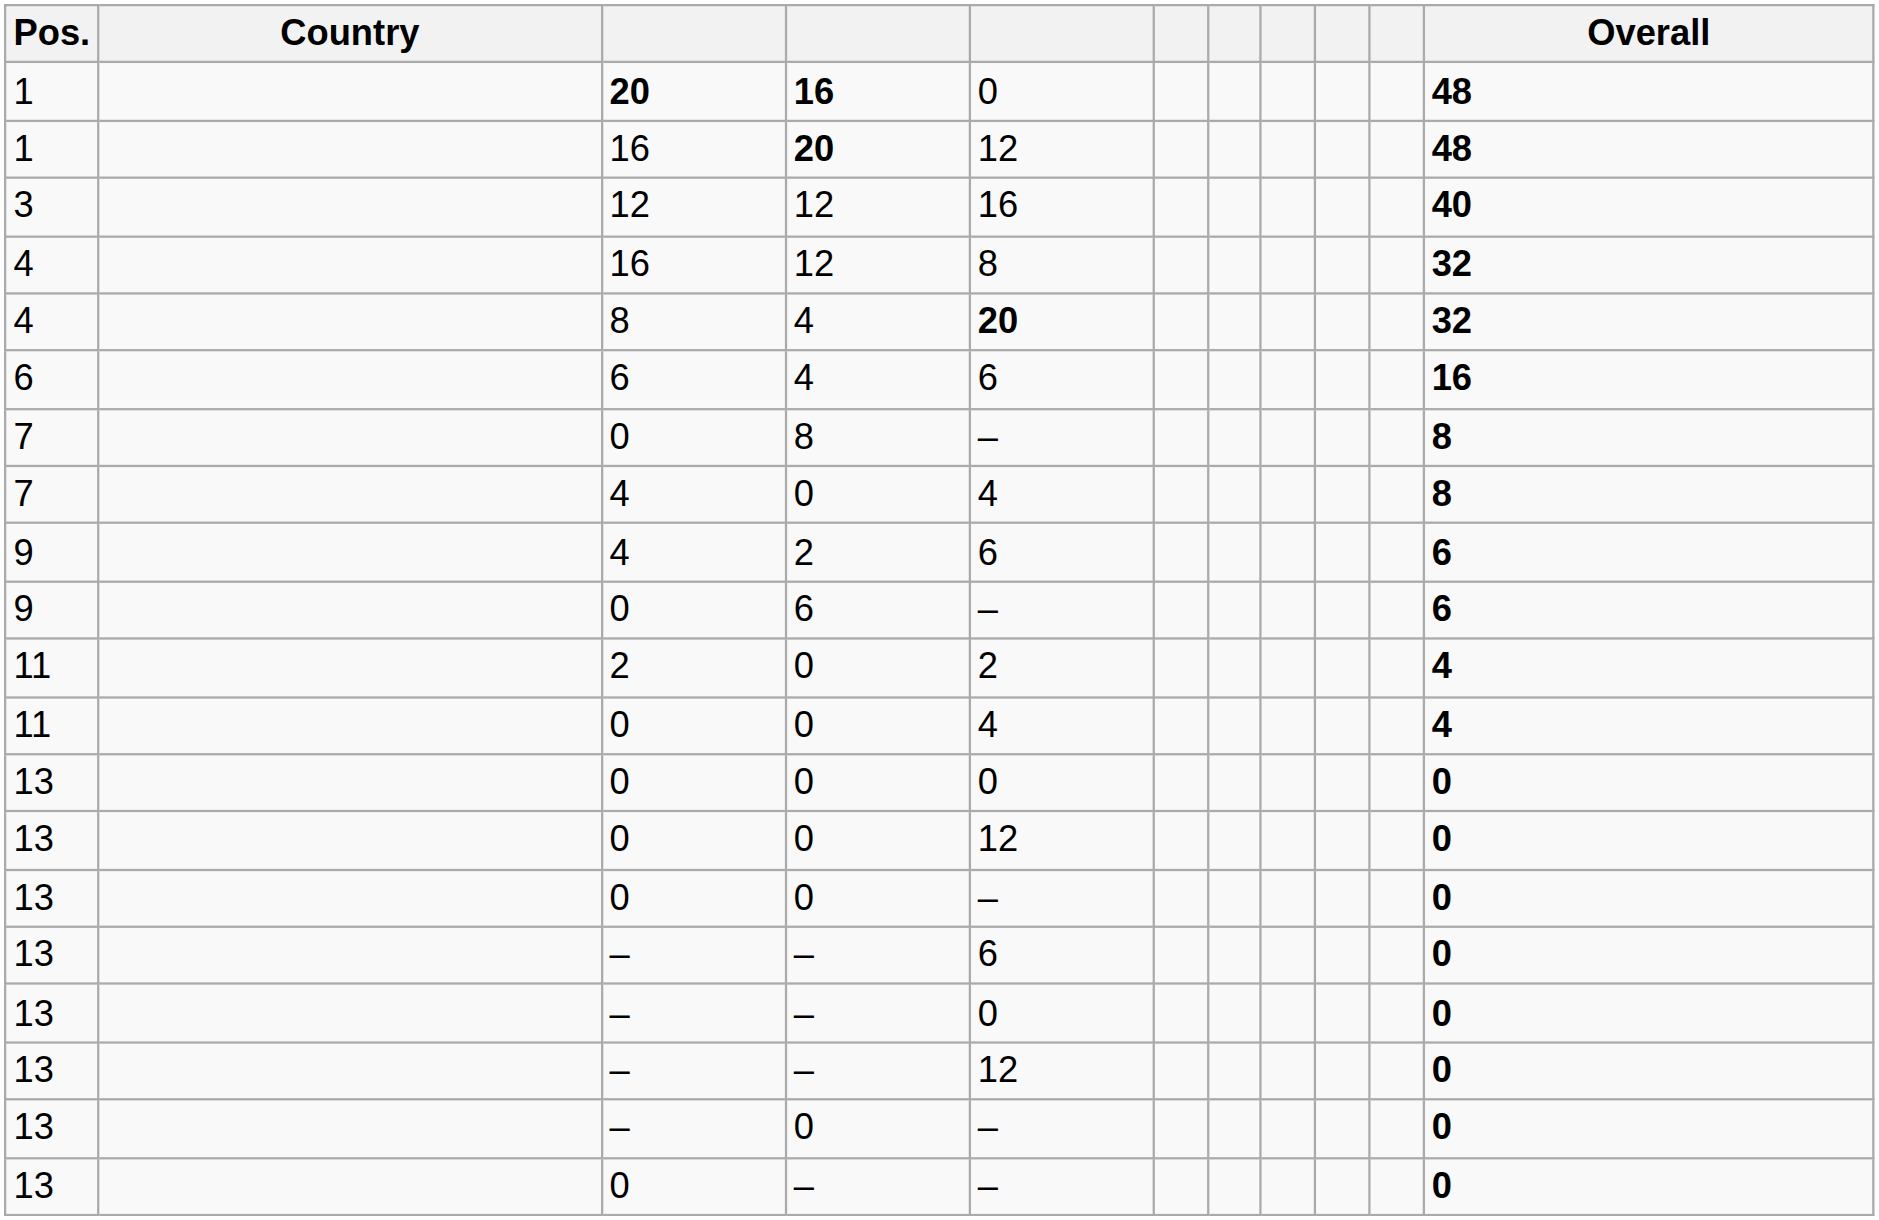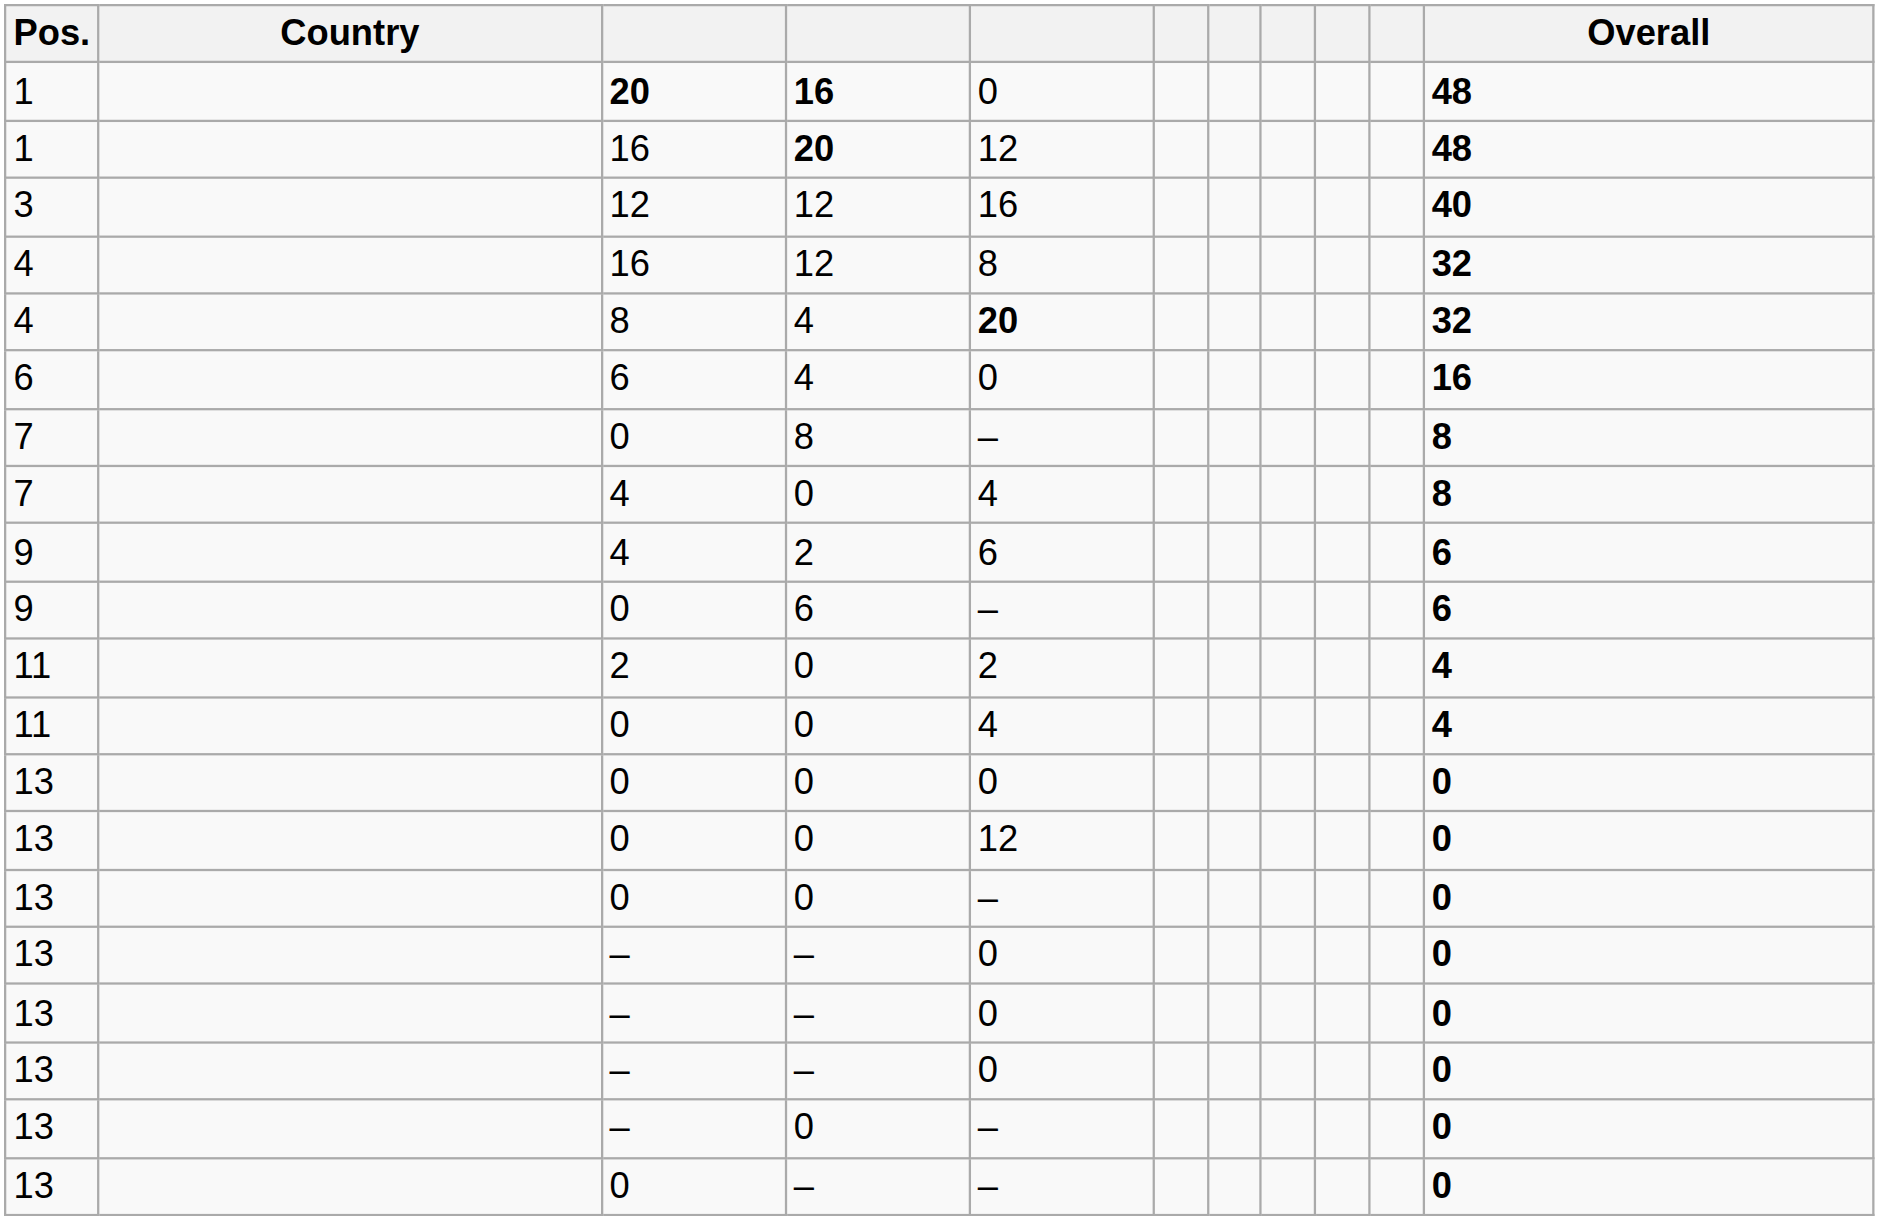 <table class="wikitable">
 <tr>
 <th width=5%>Pos.</th>
 <th>Country</th>
 <th></th>
 <th></th>
 <th></th>
 <th></th>
 <th></th>
 <th></th>
 <th></th>
 <th></th>
 <th>Overall</th>
 </tr>
 <tr>
 <td>1</td>
 <td></td>
 <td><strong>20</strong></td>
 <td><strong>16</strong></td>
 <td>0</td>
 <td></td>
 <td></td>
 <td></td>
 <td></td>
 <td></td>
 <td><strong>48</strong></td>
 </tr>
 <tr>
 <td>1</td>
 <td></td>
 <td>16</td>
 <td><strong>20</strong></td>
 <td>12</td>
 <td></td>
 <td></td>
 <td></td>
 <td></td>
 <td></td>
 <td><strong>48</strong></td>
 </tr>
 <tr>
 <td>3</td>
 <td></td>
 <td>12</td>
 <td>12</td>
 <td>16</td>
 <td></td>
 <td></td>
 <td></td>
 <td></td>
 <td></td>
 <td><strong>40</strong></td>
 </tr>
 <tr>
 <td>4</td>
 <td></td>
 <td>16</td>
 <td>12</td>
 <td>8</td>
 <td></td>
 <td></td>
 <td></td>
 <td></td>
 <td></td>
 <td><strong>32</strong></td>
 </tr>
 <tr>
 <td>4</td>
 <td></td>
 <td>8</td>
 <td>4</td>
 <td><strong>20</strong></td>
 <td></td>
 <td></td>
 <td></td>
 <td></td>
 <td></td>
 <td><strong>32</strong></td>
 </tr>
 <tr>
 <td>6</td>
 <td></td>
 <td>6</td>
 <td>4</td>
-<td>6</td>
+<td>0</td>
 <td></td>
 <td></td>
 <td></td>
 <td></td>
 <td></td>
 <td><strong>16</strong></td>
 </tr>
 <tr>
 <td>7</td>
 <td></td>
 <td>0</td>
 <td>8</td>
 <td>–</td>
 <td></td>
 <td></td>
 <td></td>
 <td></td>
 <td></td>
 <td><strong>8</strong></td>
 </tr>
 <tr>
 <td>7</td>
 <td></td>
 <td>4</td>
 <td>0</td>
 <td>4</td>
 <td></td>
 <td></td>
 <td></td>
 <td></td>
 <td></td>
 <td><strong>8</strong></td>
 </tr>
 <tr>
 <td>9</td>
 <td></td>
 <td>4</td>
 <td>2</td>
 <td>6</td>
 <td></td>
 <td></td>
 <td></td>
 <td></td>
 <td></td>
 <td><strong>6</strong></td>
 </tr>
 <tr>
 <td>9</td>
 <td></td>
 <td>0</td>
 <td>6</td>
 <td>–</td>
 <td></td>
 <td></td>
 <td></td>
 <td></td>
 <td></td>
 <td><strong>6</strong></td>
 </tr>
 <tr>
 <td>11</td>
 <td></td>
 <td>2</td>
 <td>0</td>
 <td>2</td>
 <td></td>
 <td></td>
 <td></td>
 <td></td>
 <td></td>
 <td><strong>4</strong></td>
 </tr>
 <tr>
 <td>11</td>
 <td></td>
 <td>0</td>
 <td>0</td>
 <td>4</td>
 <td></td>
 <td></td>
 <td></td>
 <td></td>
 <td></td>
 <td><strong>4</strong></td>
 </tr>
 <tr>
 <td>13</td>
 <td></td>
 <td>0</td>
 <td>0</td>
 <td>0</td>
 <td></td>
 <td></td>
 <td></td>
 <td></td>
 <td></td>
 <td><strong>0</strong></td>
 </tr>
 <tr>
 <td>13</td>
 <td></td>
 <td>0</td>
 <td>0</td>
 <td>12</td>
 <td></td>
 <td></td>
 <td></td>
 <td></td>
 <td></td>
 <td><strong>0</strong></td>
 </tr>
 <tr>
 <td>13</td>
 <td></td>
 <td>0</td>
 <td>0</td>
 <td>–</td>
 <td></td>
 <td></td>
 <td></td>
 <td></td>
 <td></td>
 <td><strong>0</strong></td>
 </tr>
 <tr>
 <td>13</td>
 <td></td>
 <td>–</td>
 <td>–</td>
-<td>6</td>
+<td>0</td>
 <td></td>
 <td></td>
 <td></td>
 <td></td>
 <td></td>
 <td><strong>0</strong></td>
 </tr>
 <tr>
 <td>13</td>
 <td></td>
 <td>–</td>
 <td>–</td>
 <td>0</td>
 <td></td>
 <td></td>
 <td></td>
 <td></td>
 <td></td>
 <td><strong>0</strong></td>
 </tr>
 <tr>
 <td>13</td>
 <td></td>
 <td>–</td>
 <td>–</td>
-<td>12</td>
+<td>0</td>
 <td></td>
 <td></td>
 <td></td>
 <td></td>
 <td></td>
 <td><strong>0</strong></td>
 </tr>
 <tr>
 <td>13</td>
 <td></td>
 <td>–</td>
 <td>0</td>
 <td>–</td>
 <td></td>
 <td></td>
 <td></td>
 <td></td>
 <td></td>
 <td><strong>0</strong></td>
 </tr>
 <tr>
 <td>13</td>
 <td></td>
 <td>0</td>
 <td>–</td>
 <td>–</td>
 <td></td>
 <td></td>
 <td></td>
 <td></td>
 <td></td>
 <td><strong>0</strong></td>
 </tr>
 </table>
